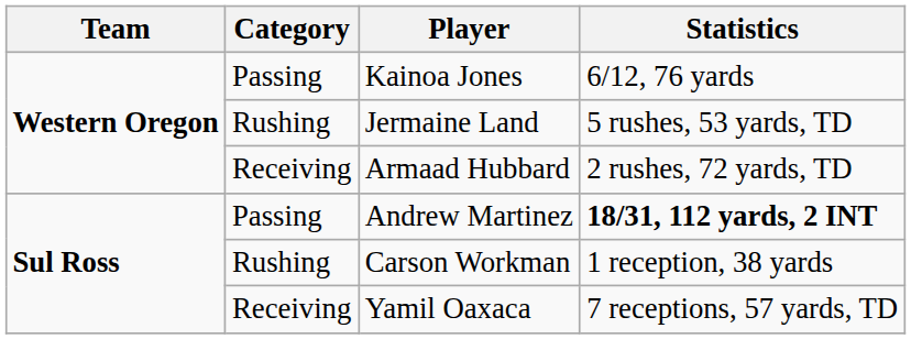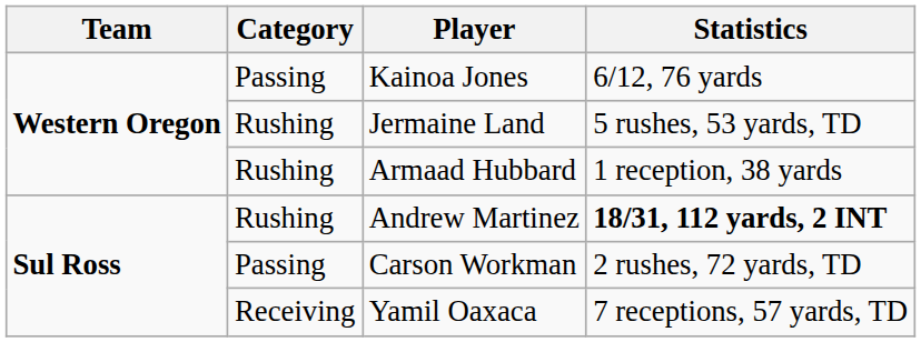 <table class="wikitable" style="float: right;">
 <tr>
 <th>Team</th>
 <th>Category</th>
 <th>Player</th>
 <th>Statistics</th>
 </tr>
 <tr>
 <td rowspan=3><strong>Western Oregon</strong></td>
 <td>Passing</td>
 <td>Kainoa Jones</td>
 <td>6/12, 76 yards</td>
 </tr>
 <tr>
 <td>Rushing</td>
 <td>Jermaine Land</td>
 <td>5 rushes, 53 yards, TD</td>
 </tr>
 <tr>
-<td>Receiving</td>
+<td>Rushing</td>
 <td>Armaad Hubbard</td>
-<td>2 rushes, 72 yards, TD</td>
+<td>1 reception, 38 yards</td>
 </tr>
 <tr>
 <td rowspan=3><strong>Sul Ross</strong></td>
-<td>Passing</td>
+<td>Rushing</td>
 <td>Andrew Martinez</td>
 <td><strong>18/31, 112 yards, 2 INT</strong></td>
 </tr>
 <tr>
-<td>Rushing</td>
+<td>Passing</td>
 <td>Carson Workman</td>
-<td>1 reception, 38 yards</td>
+<td>2 rushes, 72 yards, TD</td>
 </tr>
 <tr>
 <td>Receiving</td>
 <td>Yamil Oaxaca</td>
 <td>7 receptions, 57 yards, TD</td>
 </tr>
 </table>
